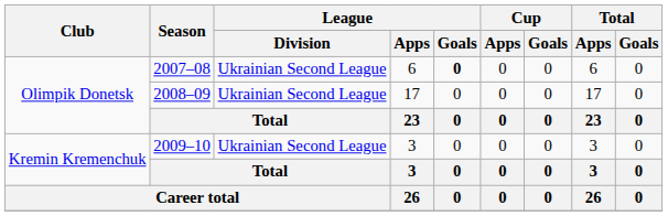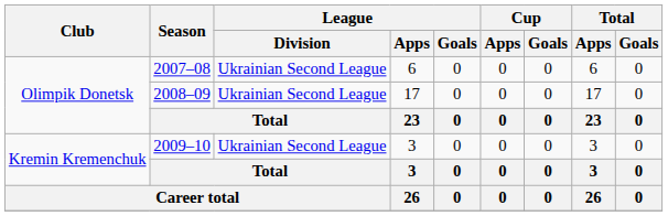 <table class="wikitable" style="text-align: center">
 <tr>
 <th rowspan="2">Club</th>
 <th rowspan="2">Season</th>
 <th colspan="3">League</th>
 <th colspan="2">Cup</th>
 <th colspan="2">Total</th>
 </tr>
 <tr>
 <th>Division</th>
 <th>Apps</th>
 <th>Goals</th>
 <th>Apps</th>
 <th>Goals</th>
 <th>Apps</th>
 <th>Goals</th>
 </tr>
 <tr>
 <td rowspan=3><a href='#'>Olimpik Donetsk</a></td>
 <td><a href='#'>2007–08</a></td>
 <td><a href='#'>Ukrainian Second League</a></td>
 <td>6</td>
-<td><strong>0</strong></td>
+<td>0</td>
 <td>0</td>
 <td>0</td>
 <td>6</td>
 <td>0</td>
 </tr>
 <tr>
 <td><a href='#'>2008–09</a></td>
 <td><a href='#'>Ukrainian Second League</a></td>
 <td>17</td>
 <td>0</td>
 <td>0</td>
 <td>0</td>
 <td>17</td>
 <td>0</td>
 </tr>
 <tr>
 <th colspan="2">Total</th>
 <th>23</th>
 <th>0</th>
 <th>0</th>
 <th>0</th>
 <th>23</th>
 <th>0</th>
 </tr>
 <tr>
 <td rowspan=2><a href='#'>Kremin Kremenchuk</a></td>
 <td><a href='#'>2009–10</a></td>
 <td><a href='#'>Ukrainian Second League</a></td>
 <td>3</td>
 <td>0</td>
 <td>0</td>
 <td>0</td>
 <td>3</td>
 <td>0</td>
 </tr>
 <tr>
 <th colspan="2">Total</th>
 <th>3</th>
 <th>0</th>
 <th>0</th>
 <th>0</th>
 <th>3</th>
 <th>0</th>
 </tr>
 <tr>
 <th colspan="3">Career total</th>
 <th>26</th>
 <th>0</th>
 <th>0</th>
 <th>0</th>
 <th>26</th>
 <th>0</th>
 </tr>
 <tr>
 </tr>
 </table>
